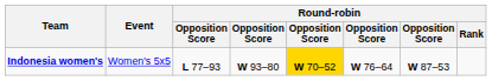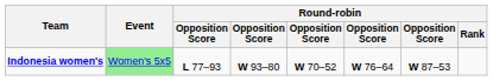 <table class="wikitable" style="font-size:90%">
 <tr>
 <th rowspan=2>Team</th>
 <th rowspan=2>Event</th>
 <th colspan=6>Round-robin</th>
 </tr>
 <tr style="font-size:95%">
 <th>Opposition<br>Score</th>
 <th>Opposition<br>Score</th>
 <th>Opposition<br>Score</th>
 <th>Opposition<br>Score</th>
 <th>Opposition<br>Score</th>
 <th>Rank</th>
 </tr>
 <tr align=center>
 <td align=left><strong><a href='#'>Indonesia women's</a></strong></td>
-<td align=left><a href='#'>Women's 5x5</a></td>
+<td align=left style="background: lightgreen;"><a href='#'>Women's 5x5</a></td>
 <td><br> <strong>L</strong> 77–93</td>
 <td><br> <strong>W</strong> 93–80</td>
-<td style="background: gold;"><br> <strong>W</strong> 70–52</td>
+<td><br> <strong>W</strong> 70–52</td>
 <td><br> <strong>W</strong> 76–64</td>
 <td><br> <strong>W</strong> 87–53</td>
 <td></td>
 </tr>
 </table>
